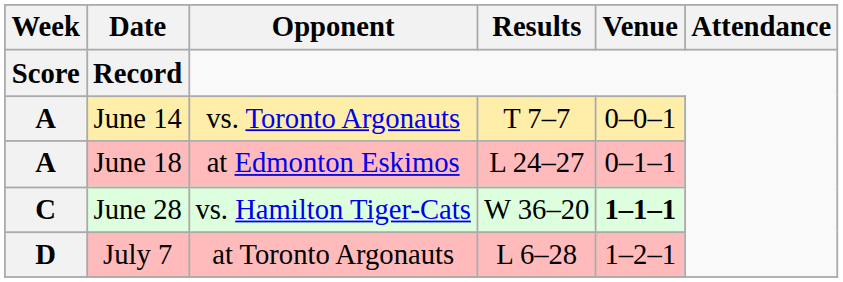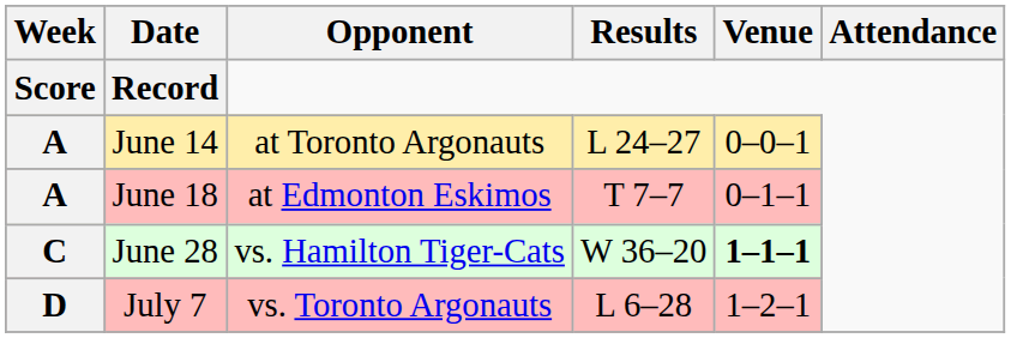 <table class="wikitable" style="text-align:center">
 <tr>
 <th>Week</th>
 <th>Date</th>
 <th>Opponent</th>
 <th>Results</th>
 <th>Venue</th>
 <th>Attendance</th>
 </tr>
 <tr>
 <th>Score</th>
 <th>Record</th>
 </tr>
 <tr style="background:#ffeeaa">
 <th>A</th>
 <td>June 14</td>
-<td>vs. <a href='#'>Toronto Argonauts</a></td>
-<td>T 7–7</td>
+<td>at Toronto Argonauts</td>
+<td>L 24–27</td>
 <td>0–0–1</td>
 </tr>
 <tr style="background:#ffbbbb">
 <th>A</th>
 <td>June 18</td>
 <td>at <a href='#'>Edmonton Eskimos</a></td>
-<td>L 24–27</td>
+<td>T 7–7</td>
 <td>0–1–1</td>
 </tr>
 <tr style="background:#ddffdd">
 <th>C</th>
 <td>June 28</td>
 <td>vs. <a href='#'>Hamilton Tiger-Cats</a></td>
 <td>W 36–20</td>
 <td><strong>1–1–1</strong></td>
 </tr>
 <tr style="background:#ffbbbb">
 <th>D</th>
 <td>July 7</td>
-<td>at Toronto Argonauts</td>
+<td>vs. <a href='#'>Toronto Argonauts</a></td>
 <td>L 6–28</td>
 <td>1–2–1</td>
 </tr>
 </table>
